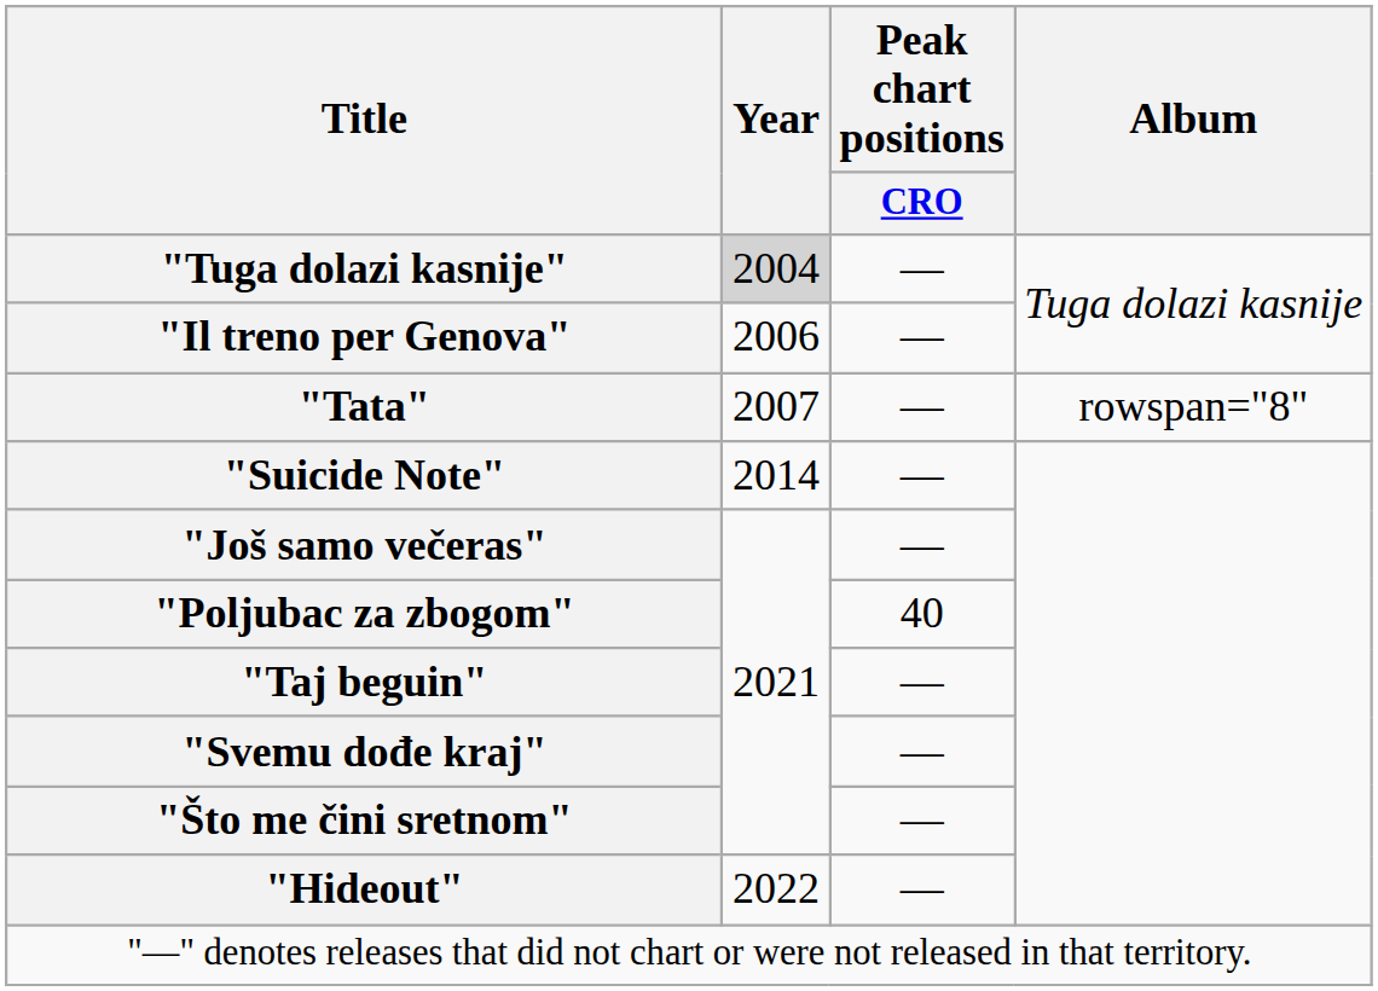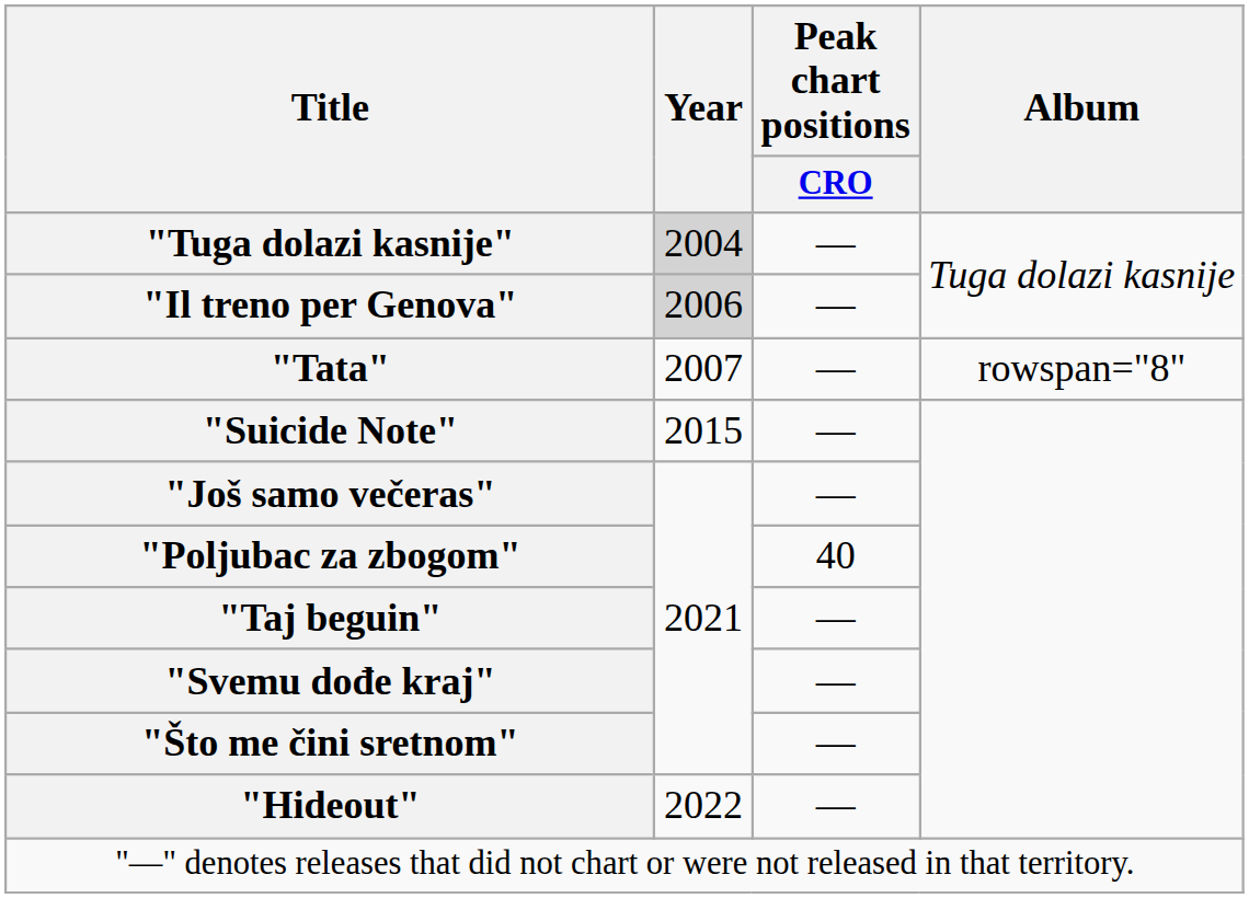 <table class="wikitable plainrowheaders" style="text-align:center;">
 <tr>
 <th scope="col" rowspan="2" style="width:16em;">Title</th>
 <th scope="col" rowspan="2" style="width:1em;">Year</th>
 <th scope="col" colspan="1">Peak chart positions</th>
 <th scope="col" rowspan="2">Album</th>
 </tr>
 <tr>
 <th scope="col" style="width:3em;font-size:85%;"><a href='#'>CRO</a><br></th>
 </tr>
 <tr>
 <th scope="row">"Tuga dolazi kasnije"</th>
 <td style="background: lightgrey;">2004</td>
 <td>—</td>
 <td rowspan="2"><em>Tuga dolazi kasnije</em></td>
 </tr>
 <tr>
 <th scope="row">"Il treno per Genova"</th>
-<td>2006</td>
+<td style="background: lightgrey;">2006</td>
 <td>—</td>
 </tr>
 <tr>
 <th scope="row">"Tata"</th>
 <td>2007</td>
 <td>—</td>
 <td>rowspan="8" </td>
 </tr>
 <tr>
 <th scope="row">"Suicide Note"</th>
-<td>2014</td>
+<td>2015</td>
 <td>—</td>
 </tr>
 <tr>
 <th scope="row">"Još samo večeras"</th>
 <td rowspan="5">2021</td>
 <td>—</td>
 </tr>
 <tr>
 <th scope="row">"Poljubac za zbogom"</th>
 <td>40</td>
 </tr>
 <tr>
 <th scope="row">"Taj beguin"</th>
 <td>—</td>
 </tr>
 <tr>
 <th scope="row">"Svemu dođe kraj"</th>
 <td>—</td>
 </tr>
 <tr>
 <th scope="row">"Što me čini sretnom"</th>
 <td>—</td>
 </tr>
 <tr>
 <th scope="row">"Hideout"</th>
 <td rowspan="1">2022</td>
 <td>—</td>
 </tr>
 <tr>
 <td colspan="22" style="text-align:center; font-size:85%;">"—" denotes releases that did not chart or were not released in that territory.</td>
 </tr>
 </table>
